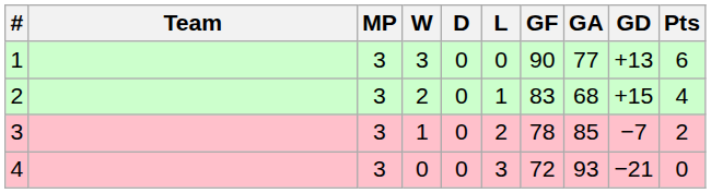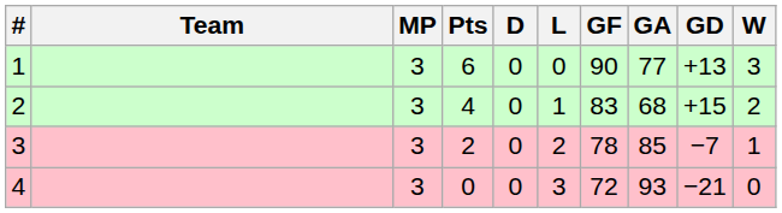 <table class=wikitable style="text-align:center">
 <tr>
 <th>#</th>
 <th width=220>Team</th>
 <th width=20>MP</th>
-<th width=20>W</th>
+<th width=20>Pts</th>
 <th width=20>D</th>
 <th width=20>L</th>
 <th width=20>GF</th>
 <th width=20>GA</th>
 <th width=20>GD</th>
-<th width=20>Pts</th>
+<th width=20>W</th>
 </tr>
 <tr align="center" valign="top" style="background: #CCFFCC">
 <td>1</td>
 <td align=left></td>
 <td>3</td>
-<td>3</td>
+<td>6</td>
 <td>0</td>
 <td>0</td>
 <td>90</td>
 <td>77</td>
 <td>+13</td>
-<td>6</td>
+<td>3</td>
 </tr>
 <tr align="center" valign="top" style="background: #CCFFCC">
 <td>2</td>
 <td align=left></td>
 <td>3</td>
-<td>2</td>
+<td>4</td>
 <td>0</td>
 <td>1</td>
 <td>83</td>
 <td>68</td>
 <td>+15</td>
-<td>4</td>
+<td>2</td>
 </tr>
 <tr align="center" valign="top" style="background: pink">
 <td>3</td>
 <td align=left></td>
 <td>3</td>
-<td>1</td>
+<td>2</td>
 <td>0</td>
 <td>2</td>
 <td>78</td>
 <td>85</td>
 <td>−7</td>
-<td>2</td>
+<td>1</td>
 </tr>
 <tr align="center" valign="top" style="background: pink">
 <td>4</td>
 <td align=left></td>
 <td>3</td>
 <td>0</td>
 <td>0</td>
 <td>3</td>
 <td>72</td>
 <td>93</td>
 <td>−21</td>
 <td>0</td>
 </tr>
 </table>
